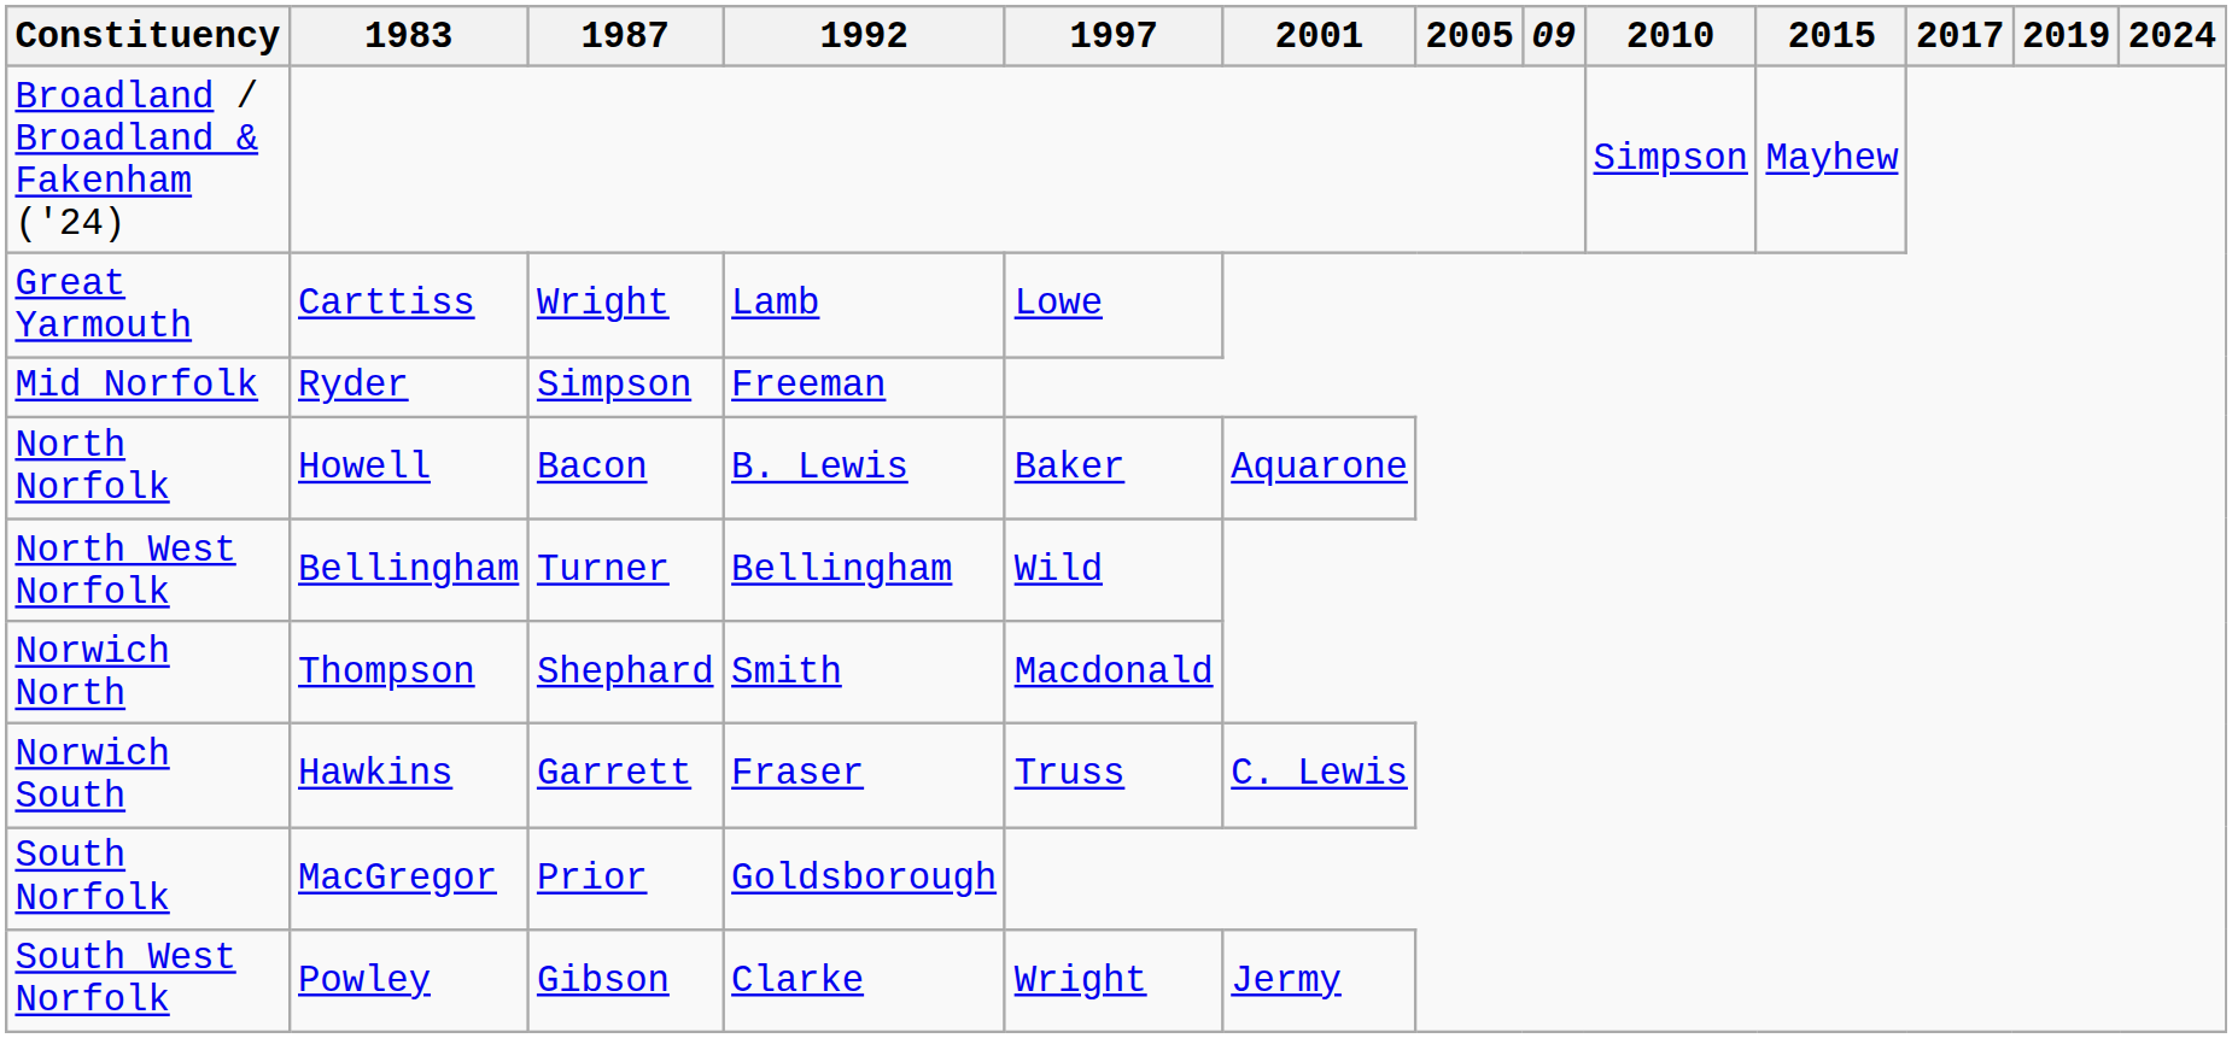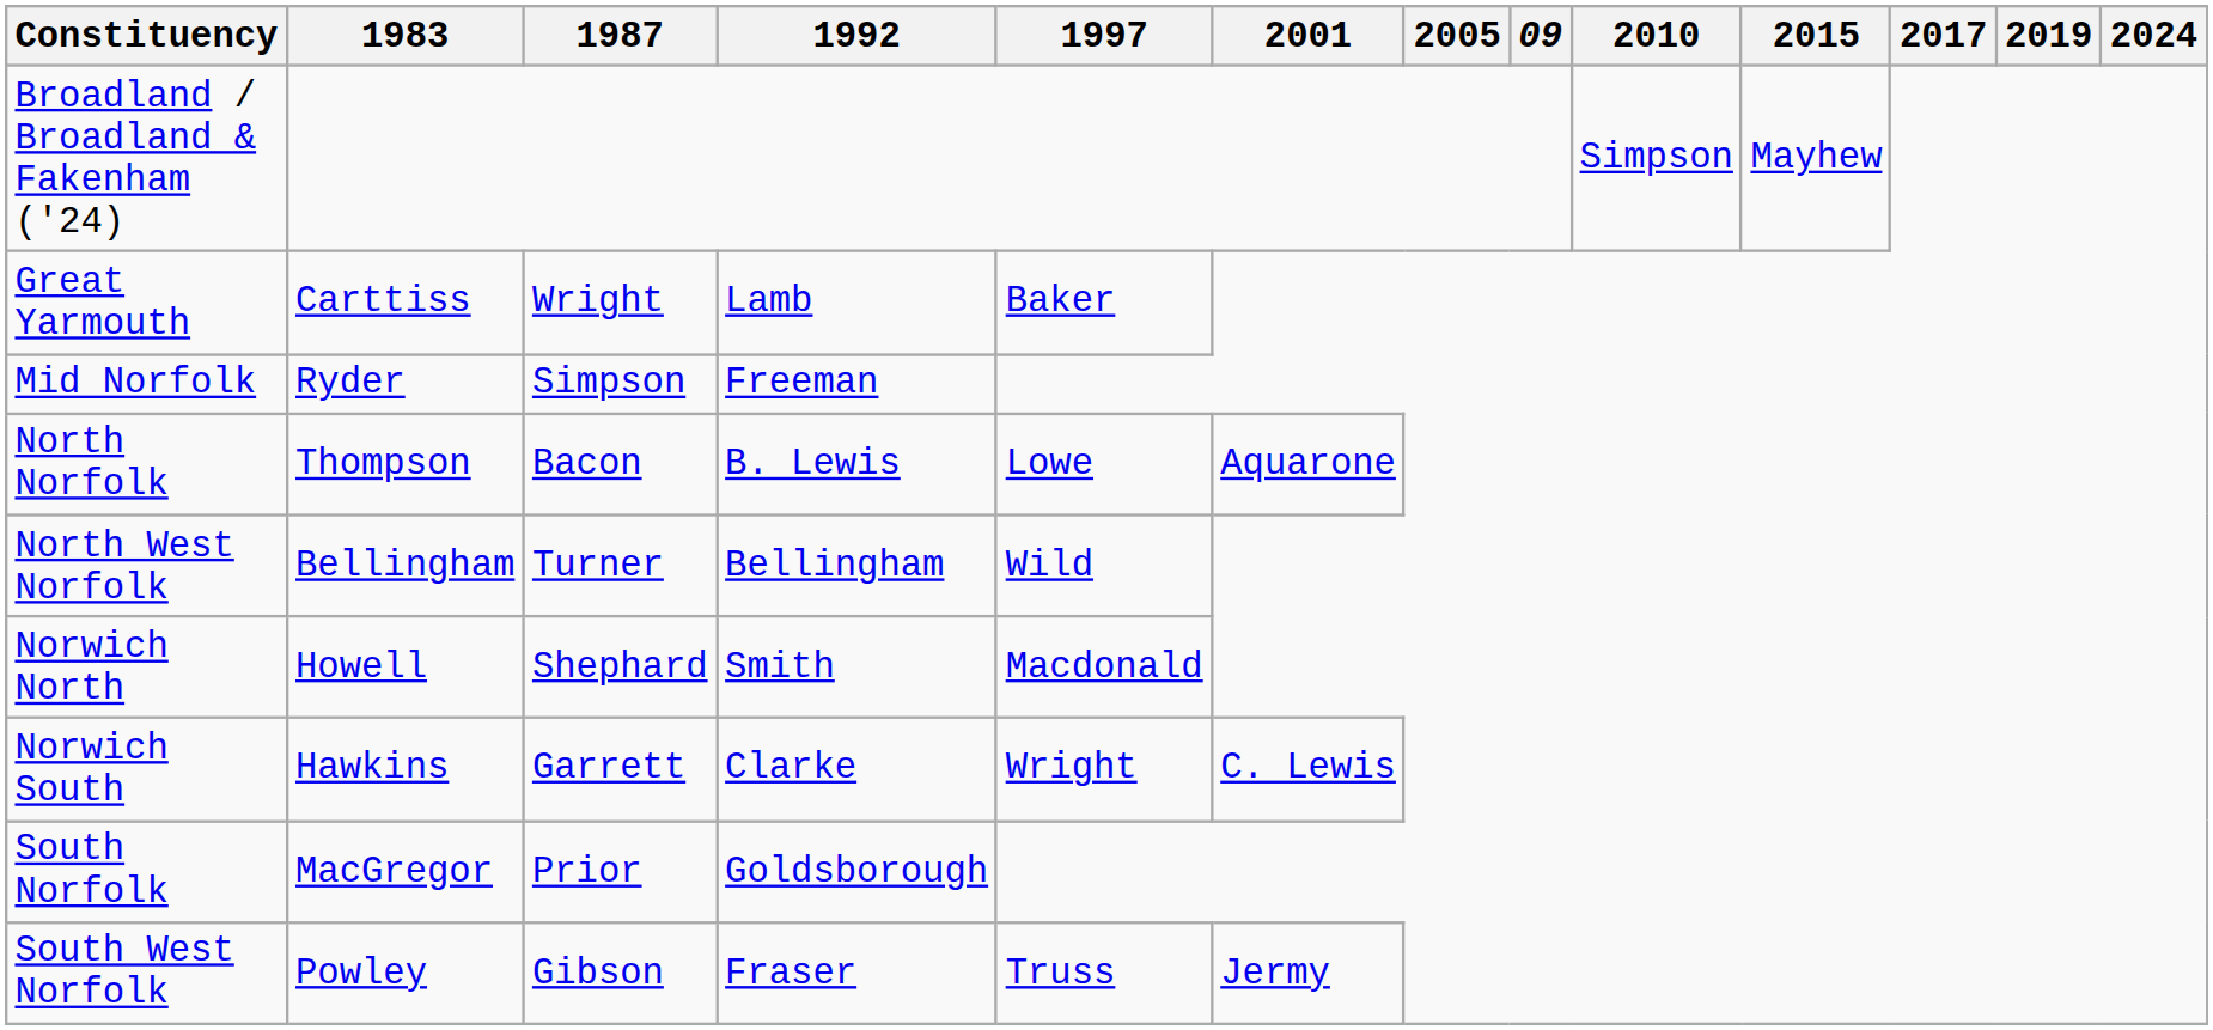 <table class="wikitable">
 <tr>
 <th>Constituency</th>
 <th>1983</th>
 <th>1987</th>
 <th>1992</th>
 <th>1997</th>
 <th>2001</th>
 <th>2005</th>
 <th><em>09</em></th>
 <th>2010</th>
 <th>2015</th>
 <th>2017</th>
 <th>2019</th>
 <th>2024</th>
 </tr>
 <tr>
 <td><a href='#'>Broadland</a> / <a href='#'>Broadland & Fakenham</a> ('24)</td>
 <td colspan="7"></td>
 <td><a href='#'>Simpson</a></td>
 <td><a href='#'>Mayhew</a></td>
 </tr>
 <tr>
 <td><a href='#'>Great Yarmouth</a></td>
 <td><a href='#'>Carttiss</a></td>
 <td><a href='#'>Wright</a></td>
 <td><a href='#'>Lamb</a></td>
-<td><a href='#'>Lowe</a></td>
+<td><a href='#'>Baker</a></td>
 </tr>
 <tr>
 <td><a href='#'>Mid Norfolk</a></td>
 <td><a href='#'>Ryder</a></td>
 <td><a href='#'>Simpson</a></td>
 <td><a href='#'>Freeman</a></td>
 </tr>
 <tr>
 <td><a href='#'>North Norfolk</a></td>
-<td><a href='#'>Howell</a></td>
+<td><a href='#'>Thompson</a></td>
 <td><a href='#'>Bacon</a></td>
 <td><a href='#'>B. Lewis</a></td>
-<td><a href='#'>Baker</a></td>
+<td><a href='#'>Lowe</a></td>
 <td><a href='#'>Aquarone</a></td>
 </tr>
 <tr>
 <td><a href='#'>North West Norfolk</a></td>
 <td><a href='#'>Bellingham</a></td>
 <td><a href='#'>Turner</a></td>
 <td><a href='#'>Bellingham</a></td>
 <td><a href='#'>Wild</a></td>
 </tr>
 <tr>
 <td><a href='#'>Norwich North</a></td>
-<td><a href='#'>Thompson</a></td>
+<td><a href='#'>Howell</a></td>
 <td><a href='#'>Shephard</a></td>
 <td><a href='#'>Smith</a></td>
 <td><a href='#'>Macdonald</a></td>
 </tr>
 <tr>
 <td><a href='#'>Norwich South</a></td>
 <td><a href='#'>Hawkins</a></td>
 <td><a href='#'>Garrett</a></td>
-<td><a href='#'>Fraser</a></td>
-<td><a href='#'>Truss</a></td>
+<td><a href='#'>Clarke</a></td>
+<td><a href='#'>Wright</a></td>
 <td><a href='#'>C. Lewis</a></td>
 </tr>
 <tr>
 <td><a href='#'>South Norfolk</a></td>
 <td><a href='#'>MacGregor</a></td>
 <td><a href='#'>Prior</a></td>
 <td><a href='#'>Goldsborough</a></td>
 </tr>
 <tr>
 <td><a href='#'>South West Norfolk</a></td>
 <td><a href='#'>Powley</a></td>
 <td><a href='#'>Gibson</a></td>
-<td><a href='#'>Clarke</a></td>
-<td><a href='#'>Wright</a></td>
+<td><a href='#'>Fraser</a></td>
+<td><a href='#'>Truss</a></td>
 <td><a href='#'>Jermy</a></td>
 </tr>
 </table>
